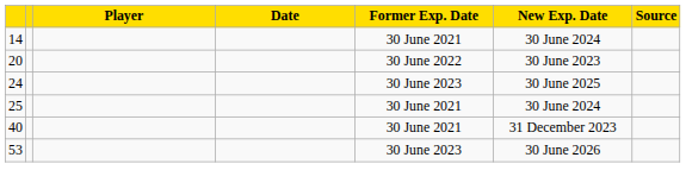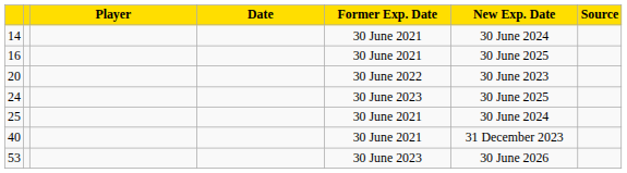 <table class="wikitable sortable">
 <tr>
 <th style="background:#FFDE00"></th>
 <th style="background:#FFDE00"></th>
 <th width=200 style="background:#FFDE00">Player</th>
 <th width=150 style="background:#FFDE00">Date</th>
 <th width=150 style="background:#FFDE00">Former Exp. Date</th>
 <th width=150 style="background:#FFDE00">New Exp. Date</th>
 <th style="background:#FFDE00">Source</th>
 </tr>
 <tr>
 <td align=center>14</td>
 <td align=center></td>
 <td></td>
 <td align=center></td>
 <td align=center>30 June 2021</td>
 <td align=center>30 June 2024</td>
+<td align=center></td>
+</tr>
+<tr>
+<td align=center>16</td>
+<td align=center></td>
+<td></td>
+<td align=center></td>
+<td align=center>30 June 2021</td>
+<td align=center>30 June 2025</td>
 <td align=center></td>
 </tr>
 <tr>
 <td align=center>20</td>
 <td align=center></td>
 <td></td>
 <td align=center></td>
 <td align=center>30 June 2022</td>
 <td align=center>30 June 2023</td>
 <td align=center></td>
 </tr>
 <tr>
 <td align=center>24</td>
 <td align=center></td>
 <td></td>
 <td align=center></td>
 <td align=center>30 June 2023</td>
 <td align=center>30 June 2025</td>
 <td align=center></td>
 </tr>
 <tr>
 <td align=center>25</td>
 <td align=center></td>
 <td></td>
 <td align=center></td>
 <td align=center>30 June 2021</td>
 <td align=center>30 June 2024</td>
 <td align=center></td>
 </tr>
 <tr>
 <td align=center>40</td>
 <td align=center></td>
 <td></td>
 <td align=center></td>
 <td align=center>30 June 2021</td>
 <td align=center>31 December 2023</td>
 <td align=center></td>
 </tr>
 <tr>
 <td align=center>53</td>
 <td align=center></td>
 <td></td>
 <td align=center></td>
 <td align=center>30 June 2023</td>
 <td align=center>30 June 2026</td>
 <td align=center></td>
 </tr>
 </table>
